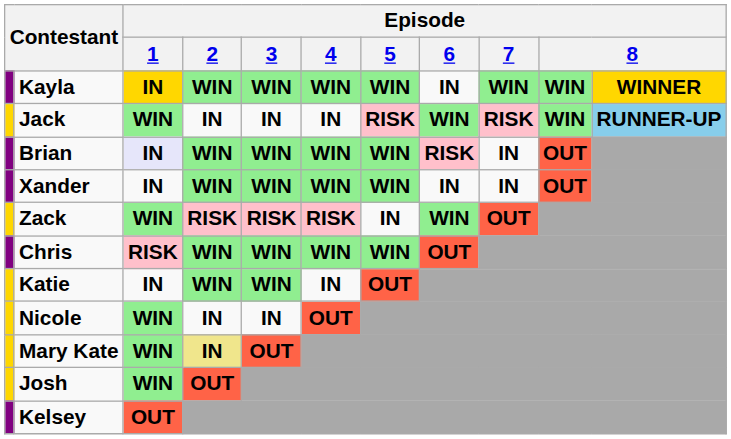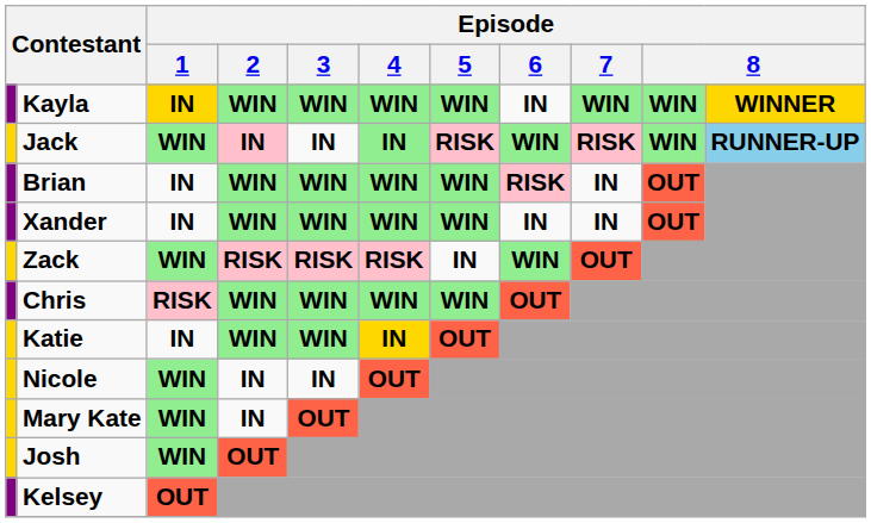 <table class="wikitable" style="text-align:center">
 <tr>
 <th rowspan=2 colspan=2>Contestant</th>
 <th colspan=11>Episode</th>
 </tr>
 <tr>
 <th colspan=1><a href='#'>1</a></th>
 <th><a href='#'>2</a></th>
 <th><a href='#'>3</a></th>
 <th><a href='#'>4</a></th>
 <th><a href='#'>5</a></th>
 <th><a href='#'>6</a></th>
 <th><a href='#'>7</a></th>
 <th colspan=2><a href='#'>8</a></th>
 </tr>
 <tr>
 <td style="background:purple;"></td>
 <td align="left"><strong>Kayla</strong></td>
 <td style="background: gold;"><strong>IN</strong></td>
 <td style="background:lightgreen;"><strong>WIN</strong></td>
 <td style="background:lightgreen;"><strong>WIN</strong></td>
 <td style="background:lightgreen;"><strong>WIN</strong></td>
 <td style="background:lightgreen;"><strong>WIN</strong></td>
 <td><strong>IN</strong></td>
 <td style="background:lightgreen;"><strong>WIN</strong></td>
 <td style="background:lightgreen;"><strong>WIN</strong></td>
 <td style="background:gold;"><strong>WINNER</strong></td>
 </tr>
 <tr>
 <td style="background:gold;"></td>
 <td align="left"><strong>Jack</strong></td>
 <td style="background:lightgreen;"><strong>WIN</strong></td>
+<td style="background: pink;"><strong>IN</strong></td>
 <td><strong>IN</strong></td>
-<td><strong>IN</strong></td>
-<td><strong>IN</strong></td>
+<td style="background: lightgreen;"><strong>IN</strong></td>
 <td style="background:pink;"><strong>RISK</strong></td>
 <td style="background:lightgreen;"><strong>WIN</strong></td>
 <td style="background:pink;"><strong>RISK</strong></td>
 <td style="background:lightgreen;"><strong>WIN</strong></td>
 <td style="background:skyblue;"><strong>RUNNER-UP</strong></td>
 </tr>
 <tr>
 <td style="background:purple;"></td>
 <td align="left"><strong>Brian</strong></td>
-<td style="background: lavender;"><strong>IN</strong></td>
+<td><strong>IN</strong></td>
 <td style="background:lightgreen;"><strong>WIN</strong></td>
 <td style="background:lightgreen;"><strong>WIN</strong></td>
 <td style="background:lightgreen;"><strong>WIN</strong></td>
 <td style="background:lightgreen;"><strong>WIN</strong></td>
 <td style="background:pink;"><strong>RISK</strong></td>
 <td><strong>IN</strong></td>
 <td style="background:tomato;"><strong>OUT</strong></td>
 <td style="background:darkgrey;" colspan="2"></td>
 </tr>
 <tr>
 <td style="background:purple;"></td>
 <td align="left"><strong>Xander</strong></td>
 <td><strong>IN</strong></td>
 <td style="background:lightgreen;"><strong>WIN</strong></td>
 <td style="background:lightgreen;"><strong>WIN</strong></td>
 <td style="background:lightgreen;"><strong>WIN</strong></td>
 <td style="background:lightgreen;"><strong>WIN</strong></td>
 <td><strong>IN</strong></td>
 <td><strong>IN</strong></td>
 <td style="background:tomato;"><strong>OUT</strong></td>
 <td style="background:darkgrey;" colspan="2"></td>
 </tr>
 <tr>
 <td style="background:gold;"></td>
 <td align="left"><strong>Zack</strong></td>
 <td style="background:lightgreen;"><strong>WIN</strong></td>
 <td style="background:pink;"><strong>RISK</strong></td>
 <td style="background:pink;"><strong>RISK</strong></td>
 <td style="background:pink;"><strong>RISK</strong></td>
 <td><strong>IN</strong></td>
 <td style="background:lightgreen;"><strong>WIN</strong></td>
 <td style="background:tomato;"><strong>OUT</strong></td>
 <td style="background:darkgrey;" colspan="3"></td>
 </tr>
 <tr>
 <td style="background:purple;"></td>
 <td align="left"><strong>Chris</strong></td>
 <td style="background:pink;"><strong>RISK</strong></td>
 <td style="background:lightgreen;"><strong>WIN</strong></td>
 <td style="background:lightgreen;"><strong>WIN</strong></td>
 <td style="background:lightgreen;"><strong>WIN</strong></td>
 <td style="background:lightgreen;"><strong>WIN</strong></td>
 <td style="background:tomato;"><strong>OUT</strong></td>
 <td style="background:darkgrey;" colspan="4"></td>
 </tr>
 <tr>
 <td style="background:gold;"></td>
 <td align="left"><strong>Katie</strong></td>
 <td><strong>IN</strong></td>
 <td style="background:lightgreen;"><strong>WIN</strong></td>
 <td style="background:lightgreen;"><strong>WIN</strong></td>
-<td><strong>IN</strong></td>
+<td style="background: gold;"><strong>IN</strong></td>
 <td style="background:tomato;"><strong>OUT</strong></td>
 <td style="background:darkgrey;" colspan="5"></td>
 </tr>
 <tr>
 <td style="background:gold;"></td>
 <td align="left"><strong>Nicole</strong></td>
 <td style="background:lightgreen;"><strong>WIN</strong></td>
 <td><strong>IN</strong></td>
 <td><strong>IN</strong></td>
 <td style="background:tomato;"><strong>OUT</strong></td>
 <td style="background:darkgrey;" colspan="6"></td>
 </tr>
 <tr>
 <td style="background:gold;"></td>
 <td align="left"><strong>Mary Kate</strong></td>
 <td style="background:lightgreen;"><strong>WIN</strong></td>
-<td style="background: khaki;"><strong>IN</strong></td>
+<td><strong>IN</strong></td>
 <td style="background:tomato;"><strong>OUT</strong></td>
 <td style="background:darkgrey;" colspan="7"></td>
 </tr>
 <tr>
 <td style="background:gold;"></td>
 <td align="left"><strong>Josh</strong></td>
 <td style="background:lightgreen;"><strong>WIN</strong></td>
 <td style="background:tomato;"><strong>OUT</strong></td>
 <td style="background:darkgrey;" colspan="8"></td>
 </tr>
 <tr>
 <td style="background:purple;"></td>
 <td align="left"><strong>Kelsey</strong></td>
 <td style="background:tomato;"><strong>OUT</strong></td>
 <td style="background:darkgrey;" colspan="9"></td>
 </tr>
 <tr>
 </tr>
 </table>
